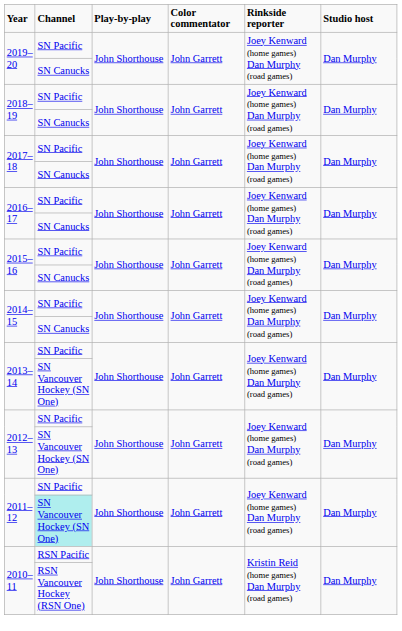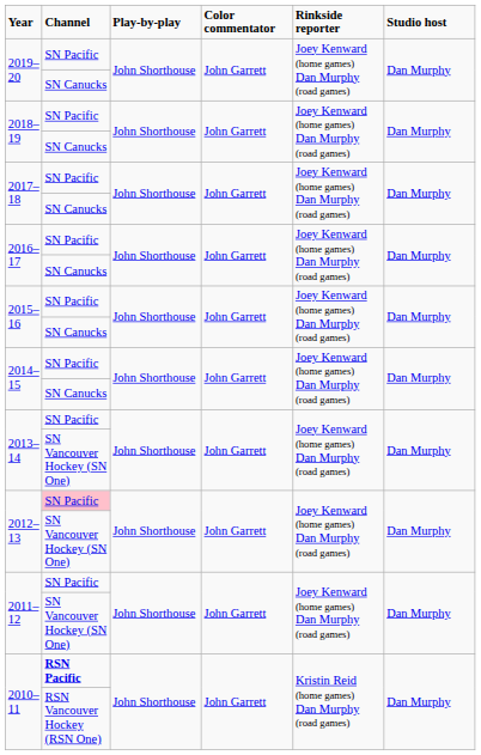 <table class="wikitable">
 <tr>
 <td style="width:40px;"><strong>Year</strong></td>
 <td style="width:80px;"><strong>Channel</strong></td>
 <td style="width:110px;"><strong>Play-by-play</strong></td>
 <td style="width:110px;"><strong>Color commentator</strong></td>
 <td style="width:110px;"><strong>Rinkside reporter</strong></td>
 <td style="width:110px;"><strong>Studio host</strong></td>
 </tr>
 <tr>
 <td rowspan="2"><a href='#'>2019–20</a></td>
 <td><a href='#'>SN Pacific</a></td>
 <td rowspan="2"><a href='#'>John Shorthouse</a></td>
 <td rowspan="2"><a href='#'>John Garrett</a></td>
 <td rowspan="2"><a href='#'>Joey Kenward</a> <small>(home games)</small><br><a href='#'>Dan Murphy</a> <small>(road games)</small></td>
 <td rowspan="2"><a href='#'>Dan Murphy</a></td>
 </tr>
 <tr>
 <td><a href='#'>SN Canucks</a></td>
 </tr>
 <tr>
 <td rowspan="2"><a href='#'>2018–19</a></td>
 <td><a href='#'>SN Pacific</a></td>
 <td rowspan="2"><a href='#'>John Shorthouse</a></td>
 <td rowspan="2"><a href='#'>John Garrett</a></td>
 <td rowspan="2"><a href='#'>Joey Kenward</a> <small>(home games)</small><br><a href='#'>Dan Murphy</a> <small>(road games)</small></td>
 <td rowspan="2"><a href='#'>Dan Murphy</a></td>
 </tr>
 <tr>
 <td><a href='#'>SN Canucks</a></td>
 </tr>
 <tr>
 <td rowspan="2"><a href='#'>2017–18</a></td>
 <td><a href='#'>SN Pacific</a></td>
 <td rowspan="2"><a href='#'>John Shorthouse</a></td>
 <td rowspan="2"><a href='#'>John Garrett</a></td>
 <td rowspan="2"><a href='#'>Joey Kenward</a> <small>(home games)</small><br><a href='#'>Dan Murphy</a> <small>(road games)</small></td>
 <td rowspan="2"><a href='#'>Dan Murphy</a></td>
 </tr>
 <tr>
 <td><a href='#'>SN Canucks</a></td>
 </tr>
 <tr>
 <td rowspan="2"><a href='#'>2016–17</a></td>
 <td><a href='#'>SN Pacific</a></td>
 <td rowspan="2"><a href='#'>John Shorthouse</a></td>
 <td rowspan="2"><a href='#'>John Garrett</a></td>
 <td rowspan="2"><a href='#'>Joey Kenward</a> <small>(home games)</small><br><a href='#'>Dan Murphy</a> <small>(road games)</small></td>
 <td rowspan="2"><a href='#'>Dan Murphy</a></td>
 </tr>
 <tr>
 <td><a href='#'>SN Canucks</a></td>
 </tr>
 <tr>
 <td rowspan="2"><a href='#'>2015–16</a></td>
 <td><a href='#'>SN Pacific</a></td>
 <td rowspan="2"><a href='#'>John Shorthouse</a></td>
 <td rowspan="2"><a href='#'>John Garrett</a></td>
 <td rowspan="2"><a href='#'>Joey Kenward</a> <small>(home games)</small><br><a href='#'>Dan Murphy</a> <small>(road games)</small></td>
 <td rowspan="2"><a href='#'>Dan Murphy</a></td>
 </tr>
 <tr>
 <td><a href='#'>SN Canucks</a></td>
 </tr>
 <tr>
 <td rowspan="2"><a href='#'>2014–15</a></td>
 <td><a href='#'>SN Pacific</a></td>
 <td rowspan="2"><a href='#'>John Shorthouse</a></td>
 <td rowspan="2"><a href='#'>John Garrett</a></td>
 <td rowspan="2"><a href='#'>Joey Kenward</a> <small>(home games)</small><br><a href='#'>Dan Murphy</a> <small>(road games)</small></td>
 <td rowspan="2"><a href='#'>Dan Murphy</a></td>
 </tr>
 <tr>
 <td><a href='#'>SN Canucks</a></td>
 </tr>
 <tr>
 <td rowspan="2"><a href='#'>2013–14</a></td>
 <td><a href='#'>SN Pacific</a></td>
 <td rowspan="2"><a href='#'>John Shorthouse</a></td>
 <td rowspan="2"><a href='#'>John Garrett</a></td>
 <td rowspan="2"><a href='#'>Joey Kenward</a> <small>(home games)</small><br><a href='#'>Dan Murphy</a> <small>(road games)</small></td>
 <td rowspan="2"><a href='#'>Dan Murphy</a></td>
 </tr>
 <tr>
 <td><a href='#'>SN Vancouver Hockey (SN One)</a></td>
 </tr>
 <tr>
 <td rowspan="2"><a href='#'>2012–13</a></td>
-<td><a href='#'>SN Pacific</a></td>
+<td style="background: pink;"><a href='#'>SN Pacific</a></td>
 <td rowspan="2"><a href='#'>John Shorthouse</a></td>
 <td rowspan="2"><a href='#'>John Garrett</a></td>
 <td rowspan="2"><a href='#'>Joey Kenward</a> <small>(home games)</small><br><a href='#'>Dan Murphy</a> <small>(road games)</small></td>
 <td rowspan="2"><a href='#'>Dan Murphy</a></td>
 </tr>
 <tr>
 <td><a href='#'>SN Vancouver Hockey (SN One)</a></td>
 </tr>
 <tr>
 <td rowspan="2"><a href='#'>2011–12</a></td>
 <td><a href='#'>SN Pacific</a></td>
 <td rowspan="2"><a href='#'>John Shorthouse</a></td>
 <td rowspan="2"><a href='#'>John Garrett</a></td>
 <td rowspan="2"><a href='#'>Joey Kenward</a> <small>(home games)</small><br><a href='#'>Dan Murphy</a> <small>(road games)</small></td>
 <td rowspan="2"><a href='#'>Dan Murphy</a></td>
 </tr>
 <tr>
-<td style="background: paleturquoise;"><a href='#'>SN Vancouver Hockey (SN One)</a></td>
+<td><a href='#'>SN Vancouver Hockey (SN One)</a></td>
 </tr>
 <tr>
 <td rowspan="2"><a href='#'>2010–11</a></td>
-<td><a href='#'>RSN Pacific</a></td>
+<td><strong><a href='#'>RSN Pacific</a></strong></td>
 <td rowspan="2"><a href='#'>John Shorthouse</a></td>
 <td rowspan="2"><a href='#'>John Garrett</a></td>
 <td rowspan="2"><a href='#'>Kristin Reid</a> <small>(home games)</small><br><a href='#'>Dan Murphy</a> <small>(road games)</small></td>
 <td rowspan="2"><a href='#'>Dan Murphy</a></td>
 </tr>
 <tr>
 <td><a href='#'>RSN Vancouver Hockey (RSN One)</a></td>
 </tr>
 </table>
